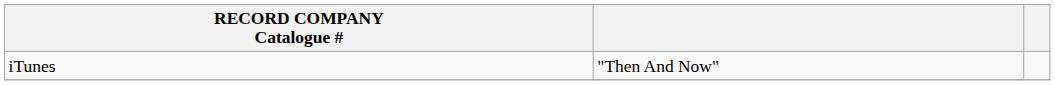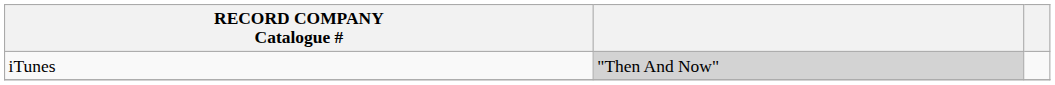 <table class="wikitable" style="width:60em">
 <tr>
 <th>RECORD COMPANY<br>Catalogue #</th>
 <th></th>
 <th></th>
 </tr>
 <tr>
 <td valign=top>iTunes<br></td>
-<td>"Then And Now"</td>
+<td style="background: lightgrey;">"Then And Now"</td>
 <td></td>
 </tr>
 <tr>
 </tr>
 </table>
